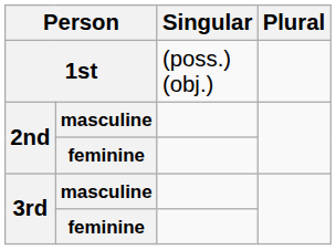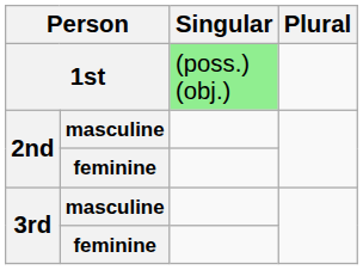 <table class="wikitable">
 <tr>
 <th colspan="2">Person</th>
 <th>Singular</th>
 <th>Plural</th>
 </tr>
 <tr>
 <th colspan="2">1st</th>
-<td> (poss.) <em></em> <br>  (obj.) <em></em></td>
+<td style="background: lightgreen;"> (poss.) <em></em> <br>  (obj.) <em></em></td>
 <td colspan="2" style="text-align: center;"><br><em></em></td>
 </tr>
 <tr>
 <th rowspan="2">2nd</th>
 <th><small>masculine</small></th>
 <td><br><em></em></td>
 <td rowspan="2"><br><em></em></td>
 </tr>
 <tr>
 <th><small>feminine</small></th>
 <td><br><em></em></td>
 </tr>
 <tr>
 <th rowspan="2">3rd</th>
 <th><small>masculine</small></th>
 <td><br><em></em></td>
 <td rowspan="2"><br><em></em></td>
 </tr>
 <tr>
 <th><small>feminine</small></th>
 <td><br><em></em></td>
 </tr>
 </table>
